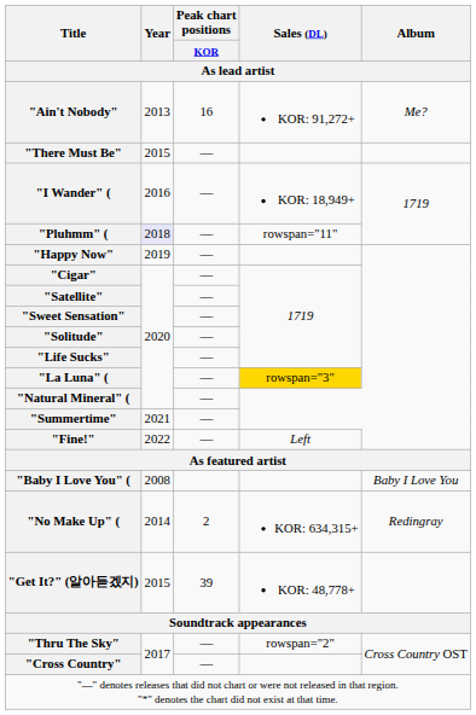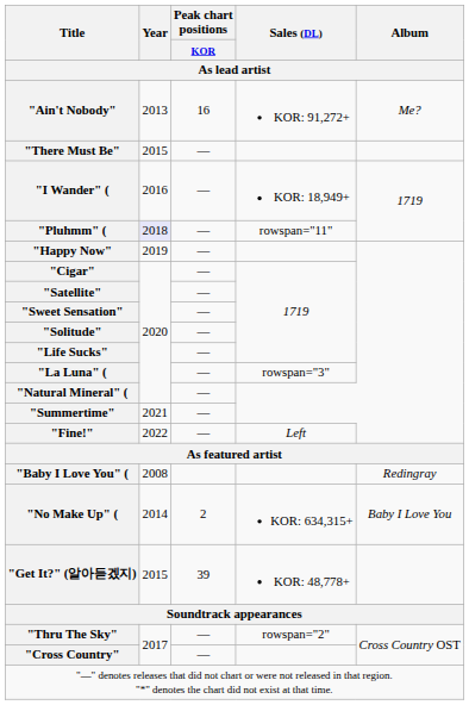 <table class="wikitable plainrowheaders" style="text-align:center;">
 <tr>
 <th scope="col" rowspan="2">Title</th>
 <th scope="col" rowspan="2">Year</th>
 <th scope="col" colspan="1">Peak chart <br> positions</th>
 <th scope="col" rowspan="2">Sales <small>(<a href='#'>DL</a>)</small></th>
 <th scope="col" rowspan="2">Album</th>
 </tr>
 <tr>
 <th><small><a href='#'>KOR</a></small><br></th>
 </tr>
 <tr>
 <th colspan="5">As lead artist</th>
 </tr>
 <tr>
 <th scope=row>"Ain't Nobody"</th>
 <td>2013</td>
 <td>16</td>
 <td><br><ul><li>KOR: 91,272+</li></ul></td>
 <td><em>Me?</em></td>
 </tr>
 <tr>
 <th scope=row>"There Must Be"<br></th>
 <td>2015</td>
 <td>—</td>
 <td></td>
 <td></td>
 </tr>
 <tr>
 <th scope=row>"I Wander" (<br></th>
 <td>2016</td>
 <td>—</td>
 <td><br><ul><li>KOR: 18,949+</li></ul></td>
 <td rowspan="2"><em>1719</em></td>
 </tr>
 <tr>
 <th scope=row>"Pluhmm" (</th>
 <td style="background: lavender;">2018</td>
 <td>—</td>
 <td>rowspan="11" </td>
 </tr>
 <tr>
 <th scope="row">"Happy Now" <br></th>
 <td>2019</td>
 <td>—</td>
 <td></td>
 </tr>
 <tr>
 <th scope=row>"Cigar"</th>
 <td rowspan=7>2020</td>
 <td>—</td>
 <td rowspan="5"><em>1719</em></td>
 </tr>
 <tr>
 <th scope=row>"Satellite" <br></th>
 <td>—</td>
 </tr>
 <tr>
 <th scope=row>"Sweet Sensation"</th>
 <td>—</td>
 </tr>
 <tr>
 <th scope=row>"Solitude"</th>
 <td>—</td>
 </tr>
 <tr>
 <th scope=row>"Life Sucks"</th>
 <td>—</td>
 </tr>
 <tr>
 <th scope=row>"La Luna" (</th>
 <td>—</td>
-<td style="background: gold;">rowspan="3" </td>
+<td>rowspan="3" </td>
 </tr>
 <tr>
 <th scope=row>"Natural Mineral" (  <br></th>
 <td>—</td>
 </tr>
 <tr>
 <th scope=row>"Summertime"<br></th>
 <td>2021</td>
 <td>—</td>
 </tr>
 <tr>
 <th scope=row>"Fine!"</th>
 <td>2022</td>
 <td>—</td>
 <td><em>Left</em></td>
 </tr>
 <tr>
 <th colspan="5">As featured artist</th>
 </tr>
 <tr>
 <th scope="row">"Baby I Love You" (<br></th>
 <td>2008</td>
 <td></td>
 <td></td>
-<td><em>Baby I Love You</em></td>
+<td><em>Redingray</em></td>
 </tr>
 <tr>
 <th scope="row">"No Make Up" (<br></th>
 <td>2014</td>
 <td>2</td>
 <td><br><ul><li>KOR: 634,315+</li></ul></td>
-<td><em>Redingray</em></td>
+<td><em>Baby I Love You</em></td>
 </tr>
 <tr>
 <th scope="row">"Get It?" (알아듣겠지)<br></th>
 <td>2015</td>
 <td>39</td>
 <td><br><ul><li>KOR: 48,778+</li></ul></td>
 <td></td>
 </tr>
 <tr>
 <th scope="col" colspan="5">Soundtrack appearances</th>
 </tr>
 <tr>
 <th scope=row>"Thru The Sky"</th>
 <td rowspan=2>2017</td>
 <td>—</td>
 <td>rowspan="2" </td>
 <td rowspan="2"><em>Cross Country</em> OST</td>
 </tr>
 <tr>
 <th scope=row>"Cross Country"<br></th>
 <td>—</td>
 </tr>
 <tr>
 <td colspan="5" align="center"><small>"—" denotes releases that did not chart or were not released in that region.<br>"*" denotes the chart did not exist at that time.</small></td>
 </tr>
 </table>
